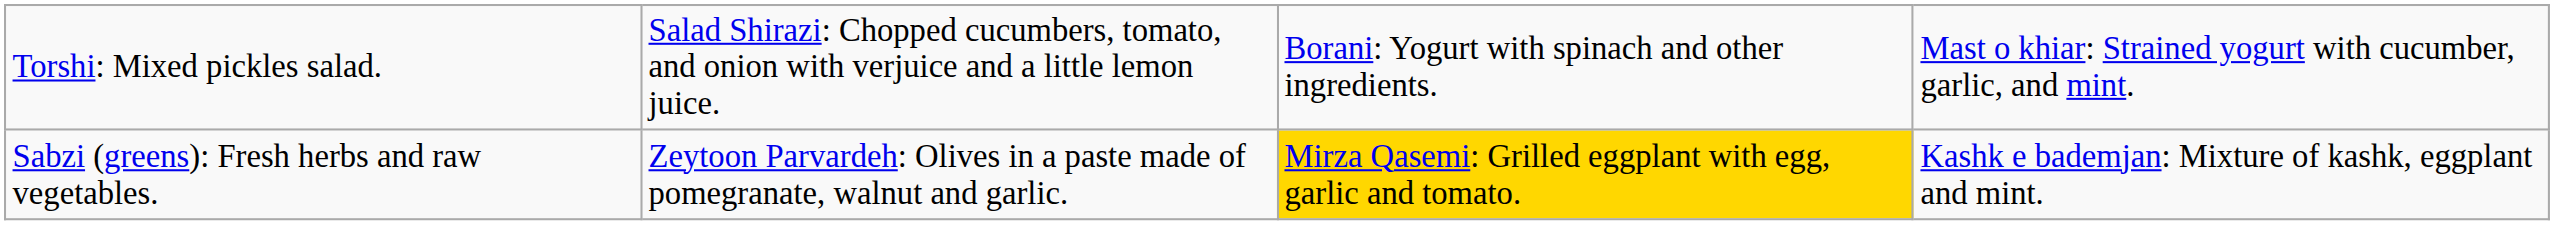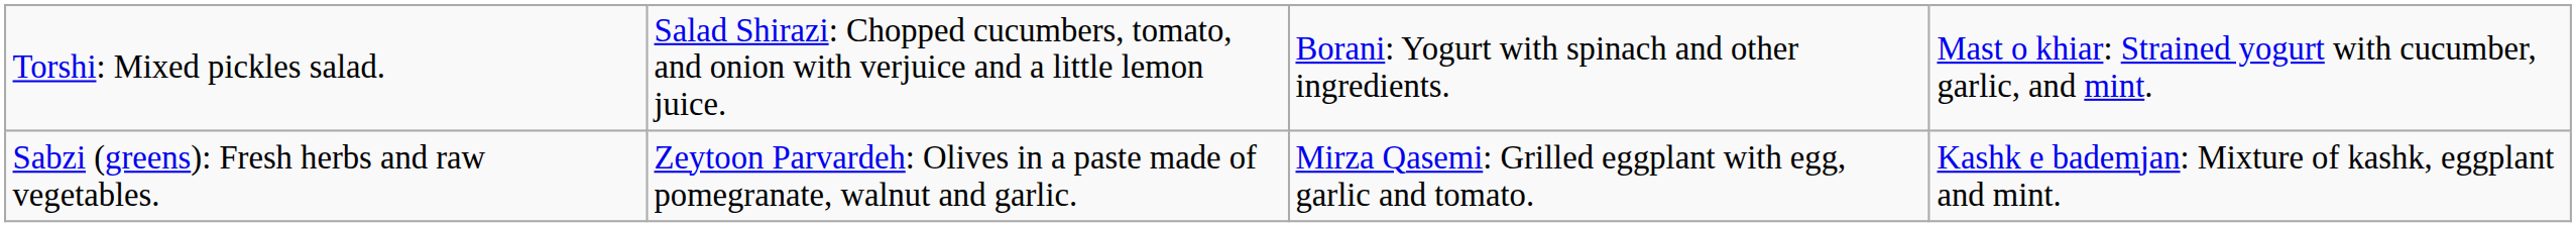 <table class="wikitable">
 <tr>
 <td style="width: 20%;"><a href='#'>Torshi</a>: Mixed pickles salad.</td>
 <td style="width: 20%;"><a href='#'>Salad Shirazi</a>: Chopped cucumbers, tomato, and onion with verjuice and a little lemon juice.</td>
 <td style="width: 20%;"><a href='#'>Borani</a>: Yogurt with spinach and other ingredients.</td>
 <td style="width: 20%;"><a href='#'>Mast o khiar</a>: <a href='#'>Strained yogurt</a> with cucumber, garlic, and <a href='#'>mint</a>.</td>
 </tr>
 <tr>
 <td><a href='#'>Sabzi</a> (<a href='#'>greens</a>): Fresh herbs and raw vegetables.</td>
 <td><a href='#'>Zeytoon Parvardeh</a>: Olives in a paste made of pomegranate, walnut and garlic.</td>
-<td style="background: gold;"><a href='#'>Mirza Qasemi</a>: Grilled eggplant with egg, garlic and tomato.</td>
+<td><a href='#'>Mirza Qasemi</a>: Grilled eggplant with egg, garlic and tomato.</td>
 <td><a href='#'>Kashk e bademjan</a>: Mixture of kashk, eggplant and mint.</td>
 </tr>
 </table>
